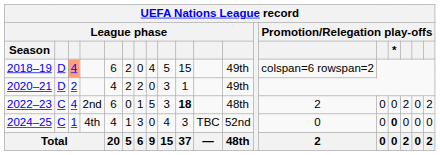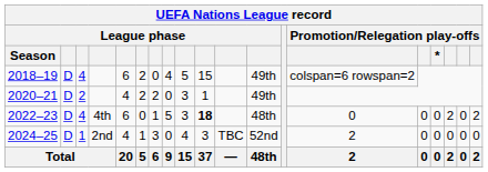 <table class="wikitable" style="text-align: center;">
 <tr>
 <th colspan="19"><a href='#'>UEFA Nations League</a> record</th>
 </tr>
 <tr>
 <th colspan="12">League phase</th>
 <th rowspan="7"></th>
 <th colspan="6">Promotion/Relegation play-offs</th>
 </tr>
 <tr>
 <th>Season</th>
 <th></th>
 <th></th>
 <th></th>
 <th></th>
 <th></th>
 <th></th>
 <th></th>
 <th></th>
 <th></th>
 <th></th>
 <th></th>
 <th></th>
 <th></th>
 <th>*</th>
 <th></th>
 <th></th>
 <th></th>
 </tr>
 <tr>
 <td><a href='#'>2018–19</a></td>
 <td><a href='#'>D</a></td>
-<td style="background: lightsalmon;"><a href='#'>4</a></td>
+<td><a href='#'>4</a></td>
 <td></td>
 <td>6</td>
 <td>2</td>
 <td>0</td>
 <td>4</td>
 <td>5</td>
 <td>15</td>
 <td></td>
 <td>49th</td>
 <td>colspan=6 rowspan=2 </td>
 </tr>
 <tr>
 <td><a href='#'>2020–21</a></td>
 <td><a href='#'>D</a></td>
 <td><a href='#'>2</a></td>
 <td></td>
 <td>4</td>
 <td>2</td>
 <td>2</td>
 <td>0</td>
 <td>3</td>
 <td>1</td>
 <td></td>
 <td>49th</td>
 </tr>
 <tr>
 <td><a href='#'>2022–23</a></td>
-<td><a href='#'>C</a></td>
+<td><a href='#'>D</a></td>
 <td><a href='#'>4</a></td>
-<td>2nd</td>
+<td>4th</td>
 <td>6</td>
 <td>0</td>
 <td>1</td>
 <td>5</td>
 <td>3</td>
 <td><strong>18</strong></td>
 <td></td>
 <td>48th</td>
-<td>2</td>
+<td>0</td>
 <td>0</td>
 <td>0</td>
 <td>2</td>
 <td>0</td>
 <td>2</td>
 </tr>
 <tr>
 <td><a href='#'>2024–25</a></td>
-<td><a href='#'>C</a></td>
+<td><a href='#'>D</a></td>
 <td><a href='#'>1</a></td>
-<td>4th</td>
+<td>2nd</td>
 <td>4</td>
 <td>1</td>
 <td>3</td>
 <td>0</td>
 <td>4</td>
 <td>3</td>
 <td>TBC</td>
 <td>52nd</td>
+<td>2</td>
 <td>0</td>
 <td>0</td>
-<td><strong>0</strong></td>
 <td>0</td>
 <td>0</td>
 <td>0</td>
 </tr>
 <tr>
 <th colspan=4>Total</th>
 <th>20</th>
 <th>5</th>
 <th>6</th>
 <th>9</th>
 <th>15</th>
 <th>37</th>
 <th>—</th>
 <th>48th</th>
 <th>2</th>
 <th>0</th>
 <th>0</th>
 <th>2</th>
 <th>0</th>
 <th>2</th>
 </tr>
 </table>
